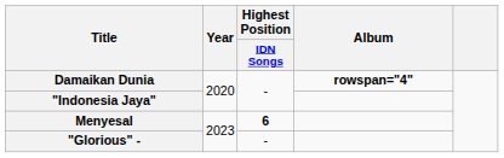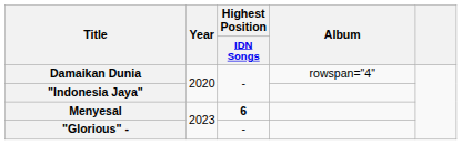 <table class="wikitable plainrowheaders" style="text-align:center">
 <tr>
 <th rowspan="2" scope="col" style="width:15em;">Title</th>
 <th rowspan="2" scope="col">Year</th>
 <th colspan="1" scope="col">Highest Position</th>
 <th rowspan="2" scope="col" style="width:12em;">Album</th>
 <th rowspan="2" scope="col" style="width:3em;"></th>
 </tr>
 <tr>
 <th scope="col" style="width:3em;font-size:90%;"><a href='#'>IDN Songs</a></th>
 </tr>
 <tr>
 <th scope="row">Damaikan Dunia<br></th>
 <td rowspan=2>2020</td>
 <td rowspan=2>-</td>
-<td><strong>rowspan="4"</strong></td>
+<td>rowspan="4"</td>
 </tr>
 <tr>
 <th scope="row">"Indonesia Jaya" <br></th>
 <td></td>
 </tr>
 <tr>
 <th scope="row">Menyesal<br></th>
 <td rowspan=2>2023</td>
 <td><strong>6</strong></td>
 <td></td>
 </tr>
 <tr>
 <th scope="row">"Glorious" -<em></th>
 <td rowspan=1>-</td>
 <td><br></td>
 </tr>
 </table>
